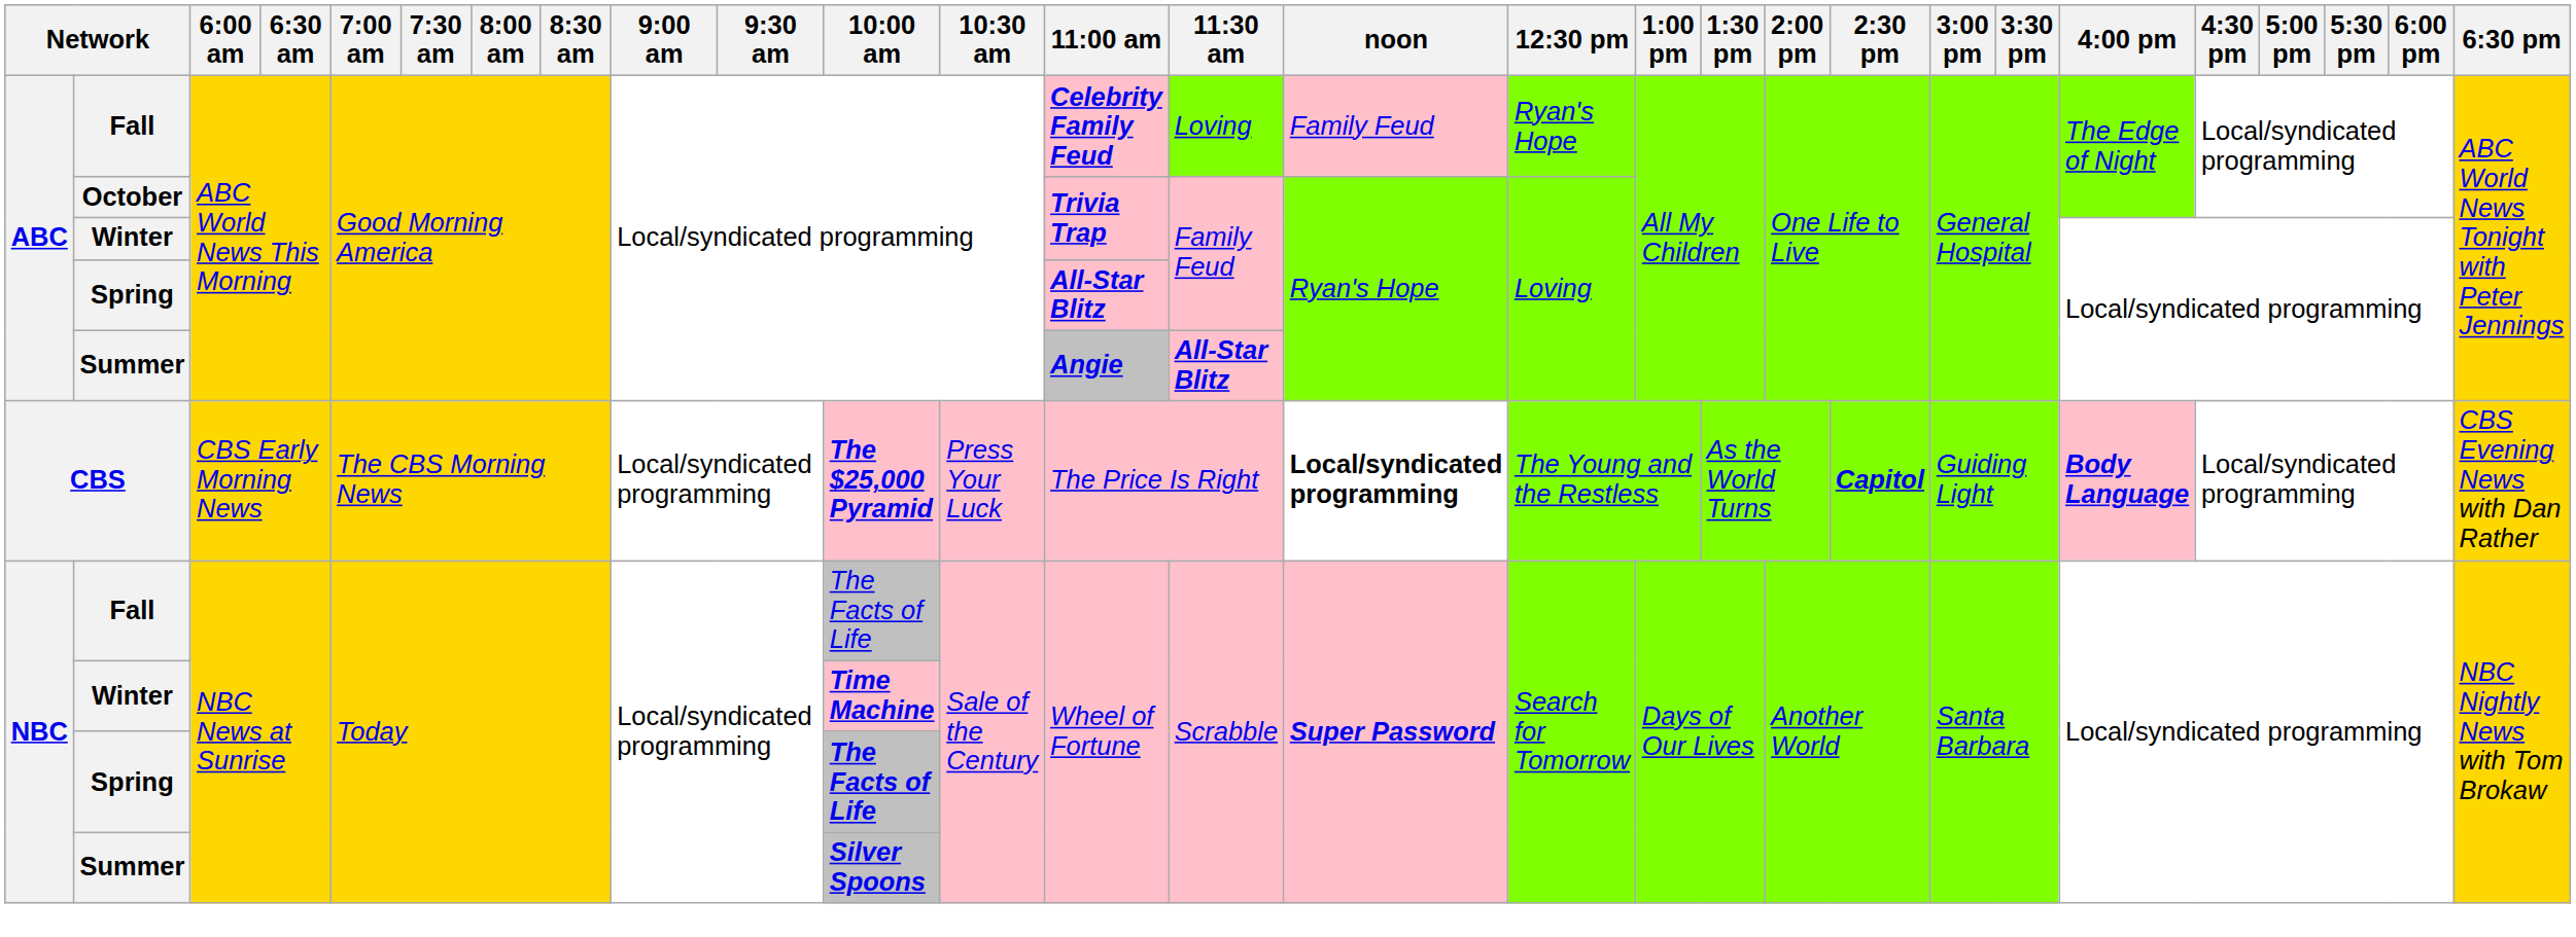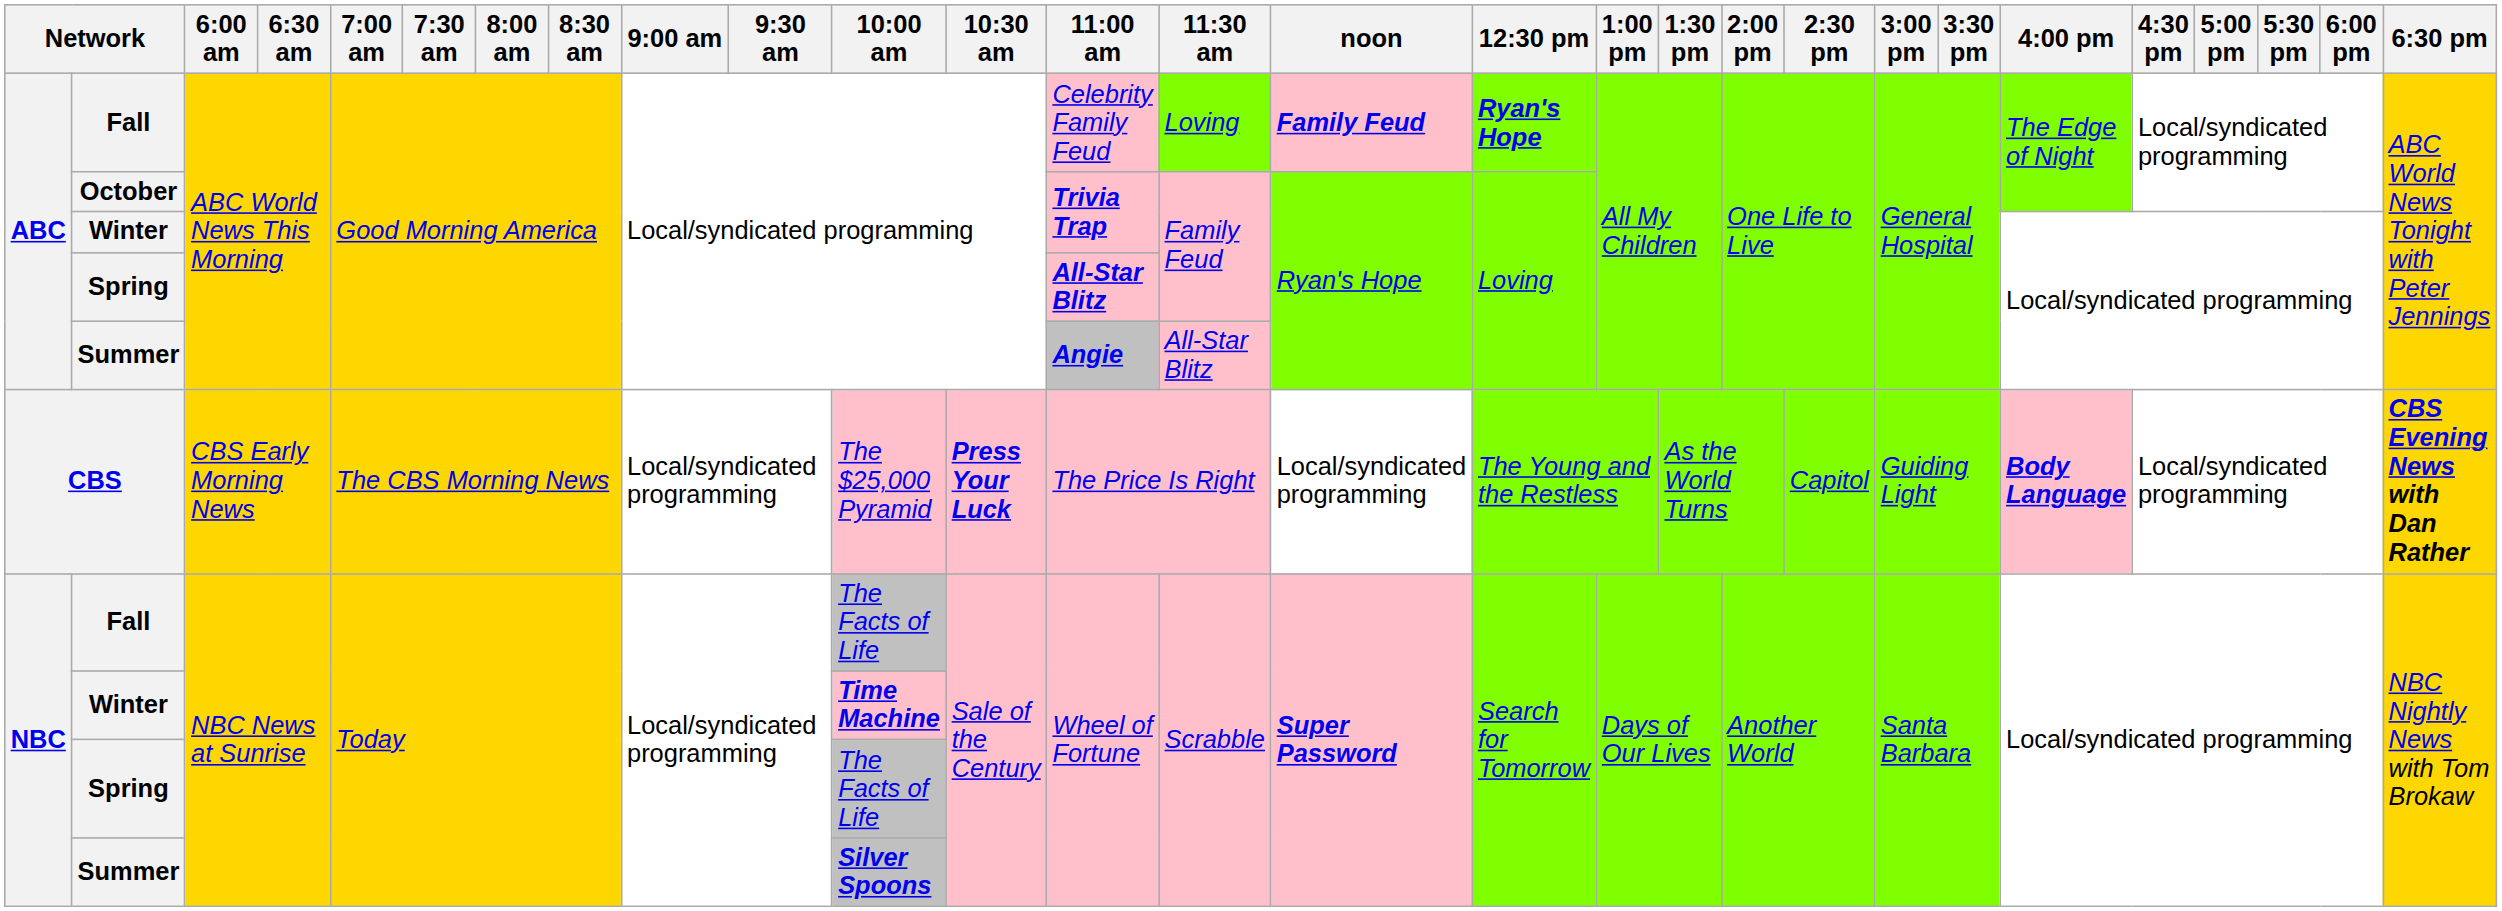 <table class=wikitable>
 <tr>
 <th bgcolor="#C0C0C0" colspan="2">Network</th>
 <th width="13%" bgcolor="#C0C0C0">6:00 am</th>
 <th width="14%" bgcolor="#C0C0C0">6:30 am</th>
 <th width="13%" bgcolor="#C0C0C0">7:00 am</th>
 <th width="14%" bgcolor="#C0C0C0">7:30 am</th>
 <th width="13%" bgcolor="#C0C0C0">8:00 am</th>
 <th width="14%" bgcolor="#C0C0C0">8:30 am</th>
 <th width="13%" bgcolor="#C0C0C0">9:00 am</th>
 <th width="14%" bgcolor="#C0C0C0">9:30 am</th>
 <th width="13%" bgcolor="#C0C0C0">10:00 am</th>
 <th width="14%" bgcolor="#C0C0C0">10:30 am</th>
 <th width="13%" bgcolor="#C0C0C0">11:00 am</th>
 <th width="14%" bgcolor="#C0C0C0">11:30 am</th>
 <th width="13%" bgcolor="#C0C0C0">noon</th>
 <th width="14%" bgcolor="#C0C0C0">12:30 pm</th>
 <th width="13%" bgcolor="#C0C0C0">1:00 pm</th>
 <th width="14%" bgcolor="#C0C0C0">1:30 pm</th>
 <th width="13%" bgcolor="#C0C0C0">2:00 pm</th>
 <th width="14%" bgcolor="#C0C0C0">2:30 pm</th>
 <th width="13%" bgcolor="#C0C0C0">3:00 pm</th>
 <th width="14%" bgcolor="#C0C0C0">3:30 pm</th>
 <th width="13%" bgcolor="#C0C0C0">4:00 pm</th>
 <th width="14%" bgcolor="#C0C0C0">4:30 pm</th>
 <th width="14%" bgcolor="#C0C0C0">5:00 pm</th>
 <th width="14%" bgcolor="#C0C0C0">5:30 pm</th>
 <th width="13%" bgcolor="#C0C0C0">6:00 pm</th>
 <th width="13%" bgcolor="#C0C0C0">6:30 pm</th>
 </tr>
 <tr>
 <th bgcolor="#C0C0C0" rowspan="5"><a href='#'>ABC</a></th>
 <th>Fall</th>
 <td bgcolor="gold" rowspan="5"colspan="2"><em><a href='#'>ABC World News This Morning</a></em></td>
 <td bgcolor="gold" rowspan="5"colspan="4"><em><a href='#'>Good Morning America</a></em></td>
 <td bgcolor="white" rowspan="5"colspan="4">Local/syndicated programming</td>
-<td bgcolor="pink" rowspan="1"><strong><em><a href='#'>Celebrity Family Feud</a></em></strong></td>
+<td bgcolor="pink" rowspan="1"><em><a href='#'>Celebrity Family Feud</a></em></td>
 <td bgcolor="chartreuse" rowspan="1"><em><a href='#'>Loving</a></em></td>
-<td bgcolor="pink" rowspan="1"><em><a href='#'>Family Feud</a></em></td>
-<td bgcolor="chartreuse" rowspan="1"><em><a href='#'>Ryan's Hope</a></em></td>
+<td bgcolor="pink" rowspan="1"><strong><em><a href='#'>Family Feud</a></em></strong></td>
+<td bgcolor="chartreuse" rowspan="1"><strong><em><a href='#'>Ryan's Hope</a></em></strong></td>
 <td bgcolor="chartreuse" rowspan="5"colspan="2"><em><a href='#'>All My Children</a></em></td>
 <td bgcolor="chartreuse" rowspan="5"colspan="2"><em><a href='#'>One Life to Live</a></em></td>
 <td bgcolor="chartreuse" rowspan="5"colspan="2"><em><a href='#'>General Hospital</a></em></td>
 <td bgcolor="chartreuse" rowspan="2"><em><a href='#'>The Edge of Night</a></em></td>
 <td bgcolor="white" rowspan="2"colspan="4">Local/syndicated programming</td>
 <td bgcolor="gold" rowspan="5"colspan="1"><em><a href='#'>ABC World News Tonight with Peter Jennings</a></em></td>
 </tr>
 <tr>
 <th>October</th>
 <td bgcolor="pink" rowspan="2"><strong><em><a href='#'>Trivia Trap</a></em></strong></td>
 <td bgcolor="pink" rowspan="3"><em><a href='#'>Family Feud</a></em></td>
 <td bgcolor="chartreuse" rowspan="4"><em><a href='#'>Ryan's Hope</a></em></td>
 <td bgcolor="chartreuse" rowspan="4"><em><a href='#'>Loving</a></em></td>
 </tr>
 <tr>
 <th>Winter</th>
 <td bgcolor="white" rowspan="3"colspan="5">Local/syndicated programming</td>
 </tr>
 <tr>
 <th>Spring</th>
 <td bgcolor="pink" rowspan="1"><strong><em><a href='#'>All-Star Blitz</a></em></strong></td>
 </tr>
 <tr>
 <th>Summer</th>
 <td bgcolor="C0C0C0" rowspan="1"><strong><em><a href='#'>Angie</a></em></strong></td>
-<td bgcolor="pink" rowspan="1"><strong><em><a href='#'>All-Star Blitz</a></em></strong></td>
+<td bgcolor="pink" rowspan="1"><em><a href='#'>All-Star Blitz</a></em></td>
 </tr>
 <tr>
 <th bgcolor="#C0C0C0" colspan="2"><a href='#'>CBS</a></th>
 <td bgcolor="gold"colspan="2"><em><a href='#'>CBS Early Morning News</a></em></td>
 <td bgcolor="gold"colspan="4"><em><a href='#'>The CBS Morning News</a></em></td>
 <td bgcolor="white"colspan="2">Local/syndicated programming</td>
-<td bgcolor="pink"><strong><em><a href='#'>The $25,000 Pyramid</a></em></strong></td>
-<td bgcolor="pink"><em><a href='#'>Press Your Luck</a></em></td>
+<td bgcolor="pink"><em><a href='#'>The $25,000 Pyramid</a></em></td>
+<td bgcolor="pink"><strong><em><a href='#'>Press Your Luck</a></em></strong></td>
 <td bgcolor="pink"colspan="2"><em><a href='#'>The Price Is Right</a></em></td>
-<td bgcolor="white"><strong>Local/syndicated programming</strong></td>
+<td bgcolor="white">Local/syndicated programming</td>
 <td bgcolor="chartreuse"colspan="2"><em><a href='#'>The Young and the Restless</a></em></td>
 <td bgcolor="chartreuse"colspan="2"><em><a href='#'>As the World Turns</a></em></td>
-<td bgcolor="chartreuse"><strong><em><a href='#'>Capitol</a></em></strong></td>
+<td bgcolor="chartreuse"><em><a href='#'>Capitol</a></em></td>
 <td bgcolor="chartreuse"colspan="2"><em><a href='#'>Guiding Light</a></em></td>
 <td bgcolor="pink"><strong><em><a href='#'>Body Language</a></em></strong></td>
 <td bgcolor="white"colspan="4">Local/syndicated programming</td>
-<td bgcolor="gold"><em><a href='#'>CBS Evening News</a> with Dan Rather</em></td>
+<td bgcolor="gold"><strong><em><a href='#'>CBS Evening News</a> with Dan Rather</em></strong></td>
 </tr>
 <tr>
 <th bgcolor="#C0C0C0" rowspan="4"><a href='#'>NBC</a></th>
 <th>Fall</th>
 <td bgcolor="gold"rowspan="4"colspan="2"><em><a href='#'>NBC News at Sunrise</a></em></td>
 <td bgcolor="gold" rowspan="4"colspan="4"><em><a href='#'>Today</a></em></td>
 <td bgcolor="white" rowspan="4"colspan="2">Local/syndicated programming</td>
 <td bgcolor="C0C0C0" rowspan="1"><em><a href='#'>The Facts of Life</a></em></td>
 <td bgcolor="pink"rowspan="4"><em><a href='#'>Sale of the Century</a></em></td>
 <td bgcolor="pink"rowspan="4"><em><a href='#'>Wheel of Fortune</a></em></td>
 <td bgcolor="pink"rowspan="4"><em><a href='#'>Scrabble</a></em></td>
 <td bgcolor="pink"rowspan="4"><strong><em><a href='#'>Super Password</a></em></strong></td>
 <td bgcolor="chartreuse" rowspan="4"><em><a href='#'>Search for Tomorrow</a></em></td>
 <td bgcolor="chartreuse" rowspan="4"colspan="2"><em><a href='#'>Days of Our Lives</a></em></td>
 <td bgcolor="chartreuse" rowspan="4"colspan="2"><em><a href='#'>Another World</a></em></td>
 <td bgcolor="chartreuse" rowspan="4"colspan="2"><em><a href='#'>Santa Barbara</a></em></td>
 <td bgcolor="white" rowspan="4"colspan="5">Local/syndicated programming</td>
 <td bgcolor="gold"rowspan="4"><em><a href='#'>NBC Nightly News</a> with Tom Brokaw</em></td>
 </tr>
 <tr>
 <th>Winter</th>
 <td bgcolor="pink"rowspan="1"><strong><em><a href='#'>Time Machine</a></em></strong></td>
 </tr>
 <tr>
 <th>Spring</th>
-<td bgcolor="C0C0C0" rowspan="1"><strong><em><a href='#'>The Facts of Life</a></em></strong></td>
+<td bgcolor="C0C0C0" rowspan="1"><em><a href='#'>The Facts of Life</a></em></td>
 </tr>
 <tr>
 <th>Summer</th>
 <td bgcolor="C0C0C0" rowspan="1"><strong><em><a href='#'>Silver Spoons</a></em></strong></td>
 </tr>
 </table>
